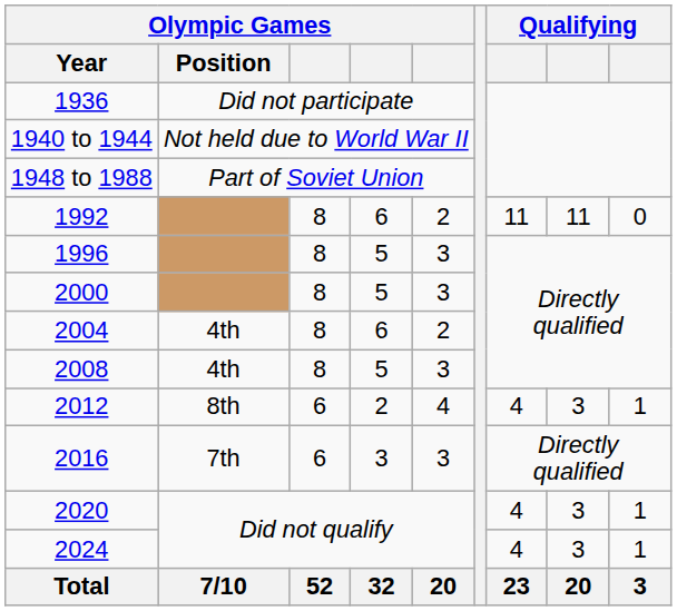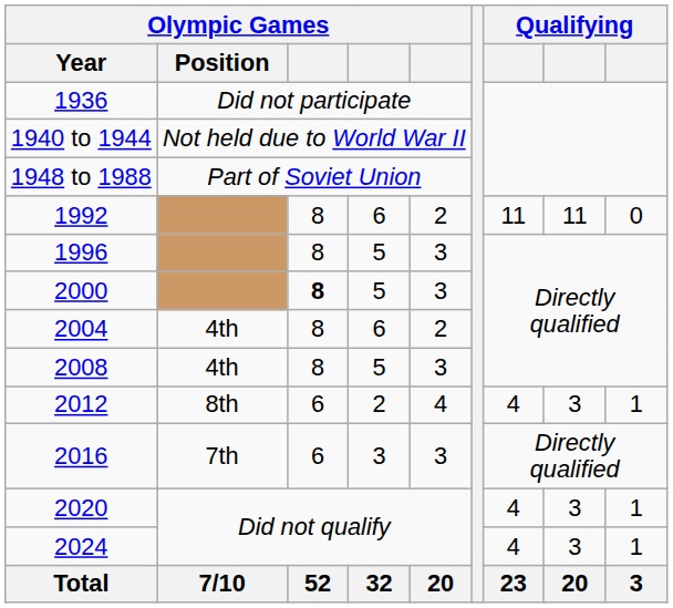 <table class="wikitable" style="text-align: center;font-size:90%;">
 <tr>
 <th colspan=5><a href='#'>Olympic Games</a></th>
 <th rowspan=15></th>
 <th colspan=3><a href='#'>Qualifying</a></th>
 </tr>
 <tr>
 <th>Year</th>
 <th>Position</th>
 <th width=30></th>
 <th width=30></th>
 <th width=30></th>
 <th width=30></th>
 <th width=30></th>
 <th width=30></th>
 </tr>
 <tr>
 <td> <a href='#'>1936</a></td>
 <td colspan=4><em>Did not participate</em></td>
 <td colspan=3 rowspan=3></td>
 </tr>
 <tr>
 <td><a href='#'>1940</a> to <a href='#'>1944</a></td>
 <td colspan=4><em>Not held due to <a href='#'>World War II</a></em></td>
 </tr>
 <tr>
 <td><a href='#'>1948</a> to <a href='#'>1988</a></td>
 <td colspan=4><em>Part of <a href='#'>Soviet Union</a></em></td>
 </tr>
 <tr>
 <td> <a href='#'>1992</a></td>
 <td bgcolor=#cc9966></td>
 <td>8</td>
 <td>6</td>
 <td>2</td>
 <td>11</td>
 <td>11</td>
 <td>0</td>
 </tr>
 <tr>
 <td> <a href='#'>1996</a></td>
 <td bgcolor=#cc9966></td>
 <td>8</td>
 <td>5</td>
 <td>3</td>
 <td colspan=3 rowspan=4><em>Directly qualified</em></td>
 </tr>
 <tr>
 <td> <a href='#'>2000</a></td>
 <td bgcolor=#cc9966></td>
-<td>8</td>
+<td><strong>8</strong></td>
 <td>5</td>
 <td>3</td>
 </tr>
 <tr>
 <td> <a href='#'>2004</a></td>
 <td>4th</td>
 <td>8</td>
 <td>6</td>
 <td>2</td>
 </tr>
 <tr>
 <td> <a href='#'>2008</a></td>
 <td>4th</td>
 <td>8</td>
 <td>5</td>
 <td>3</td>
 </tr>
 <tr>
 <td> <a href='#'>2012</a></td>
 <td>8th</td>
 <td>6</td>
 <td>2</td>
 <td>4</td>
 <td>4</td>
 <td>3</td>
 <td>1</td>
 </tr>
 <tr>
 <td> <a href='#'>2016</a></td>
 <td>7th</td>
 <td>6</td>
 <td>3</td>
 <td>3</td>
 <td colspan=3><em>Directly qualified</em></td>
 </tr>
 <tr>
 <td> <a href='#'>2020</a></td>
 <td colspan=4 rowspan=2><em>Did not qualify</em></td>
 <td>4</td>
 <td>3</td>
 <td>1</td>
 </tr>
 <tr>
 <td> <a href='#'>2024</a></td>
 <td>4</td>
 <td>3</td>
 <td>1</td>
 </tr>
 <tr>
 <th>Total</th>
 <th>7/10</th>
 <th>52</th>
 <th>32</th>
 <th>20</th>
 <th>23</th>
 <th>20</th>
 <th>3</th>
 </tr>
 </table>
